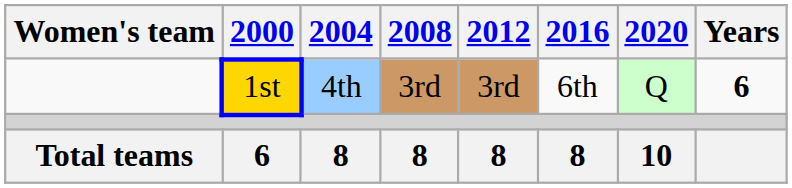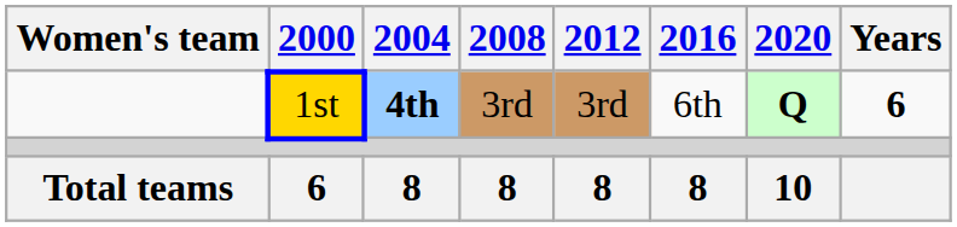 <table class="wikitable" style="text-align: center; font-size: 90%; margin-left: 1em;">
 <tr>
 <th>Women's team</th>
 <th><a href='#'>2000</a></th>
 <th><a href='#'>2004</a></th>
 <th><a href='#'>2008</a></th>
 <th><a href='#'>2012</a></th>
 <th><a href='#'>2016</a></th>
 <th><a href='#'>2020</a></th>
 <th>Years</th>
 </tr>
 <tr>
 <td style="text-align: left;"></td>
 <td style="border: 2px solid blue; background-color: gold;">1st</td>
-<td style="background-color: #9acdff;">4th</td>
+<td style="background-color: #9acdff;"><strong>4th</strong></td>
 <td style="background-color: #cc9966;">3rd</td>
 <td style="background-color: #cc9966;">3rd</td>
 <td>6th</td>
-<td style="background-color: #ccffcc;">Q</td>
+<td style="background-color: #ccffcc;"><strong>Q</strong></td>
 <td><strong>6</strong></td>
 </tr>
 <tr style="background-color: lightgrey;">
 <td colspan="8"></td>
 </tr>
 <tr>
 <th>Total teams</th>
 <th>6</th>
 <th>8</th>
 <th>8</th>
 <th>8</th>
 <th>8</th>
 <th>10</th>
 <th></th>
 </tr>
 </table>
